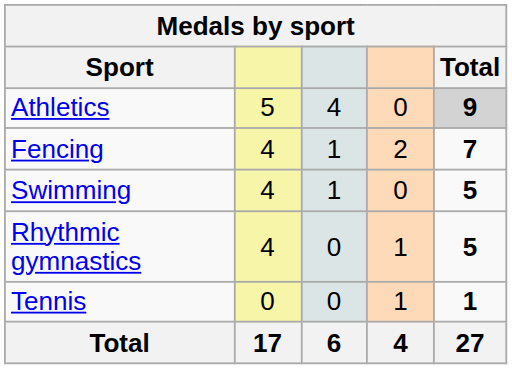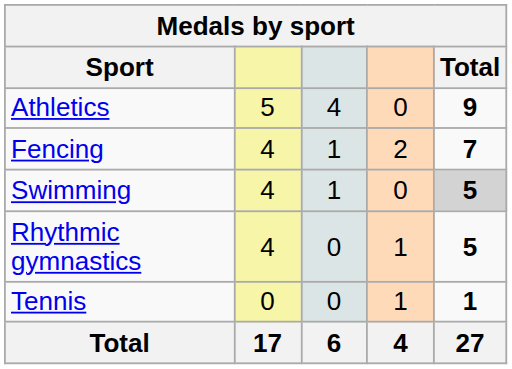 <table class="wikitable" style="font-size:90%; text-align:center;">
 <tr>
 <th colspan=5>Medals by sport</th>
 </tr>
 <tr>
 <th width=120>Sport</th>
 <th scope="col" width=30 style="background:#F7F6A8;"></th>
 <th scope="col" width=30 style="background:#DCE5E5;"></th>
 <th scope="col" width=30 style="background:#FFDAB9;"></th>
 <th width=30>Total</th>
 </tr>
 <tr>
 <td align=left><a href='#'>Athletics</a></td>
 <td style="background:#F7F6A8;">5</td>
 <td style="background:#DCE5E5;">4</td>
 <td style="background:#FFDAB9;">0</td>
-<td style="background: lightgrey;"><strong>9</strong></td>
+<td><strong>9</strong></td>
 </tr>
 <tr>
 <td align=left><a href='#'>Fencing</a></td>
 <td style="background:#F7F6A8;">4</td>
 <td style="background:#DCE5E5;">1</td>
 <td style="background:#FFDAB9;">2</td>
 <td><strong>7</strong></td>
 </tr>
 <tr>
 <td align=left><a href='#'>Swimming</a></td>
 <td style="background:#F7F6A8;">4</td>
 <td style="background:#DCE5E5;">1</td>
 <td style="background:#FFDAB9;">0</td>
-<td><strong>5</strong></td>
+<td style="background: lightgrey;"><strong>5</strong></td>
 </tr>
 <tr>
 <td align=left><a href='#'>Rhythmic gymnastics</a></td>
 <td style="background:#F7F6A8;">4</td>
 <td style="background:#DCE5E5;">0</td>
 <td style="background:#FFDAB9;">1</td>
 <td><strong>5</strong></td>
 </tr>
 <tr>
 <td align=left><a href='#'>Tennis</a></td>
 <td style="background:#F7F6A8;">0</td>
 <td style="background:#DCE5E5;">0</td>
 <td style="background:#FFDAB9;">1</td>
 <td><strong>1</strong></td>
 </tr>
 <tr class="sortbottom">
 <th>Total</th>
 <th>17</th>
 <th>6</th>
 <th>4</th>
 <th>27</th>
 </tr>
 </table>
